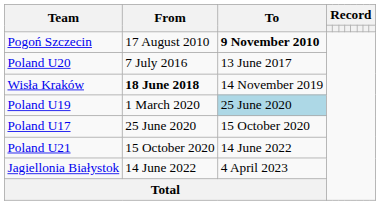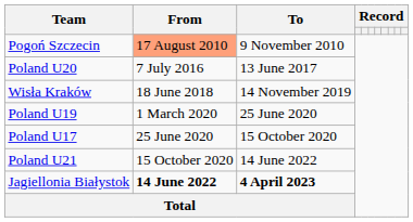 <table class="wikitable" style="text-align: center;">
 <tr>
 <th rowspan="2">Team</th>
 <th rowspan="2">From</th>
 <th rowspan="2">To</th>
 <th colspan="8">Record</th>
 </tr>
 <tr>
 <th></th>
 <th></th>
 <th></th>
 <th></th>
 <th></th>
 <th></th>
 <th></th>
 <th></th>
 </tr>
 <tr>
 <td align=left><a href='#'>Pogoń Szczecin</a></td>
-<td align=left>17 August 2010</td>
-<td align=left><strong>9 November 2010<br></strong></td>
+<td align=left style="background: lightsalmon;">17 August 2010</td>
+<td align=left>9 November 2010<br></td>
 </tr>
 <tr>
 <td align=left><a href='#'>Poland U20</a></td>
 <td align=left>7 July 2016</td>
 <td align=left>13 June 2017<br></td>
 </tr>
 <tr>
 <td align=left><a href='#'>Wisła Kraków</a></td>
-<td align=left><strong>18 June 2018</strong></td>
+<td align=left>18 June 2018</td>
 <td align=left>14 November 2019<br></td>
 </tr>
 <tr>
 <td align=left><a href='#'>Poland U19</a></td>
 <td align=left>1 March 2020</td>
-<td align=left style="background: lightblue;">25 June 2020<br></td>
+<td align=left>25 June 2020<br></td>
 </tr>
 <tr>
 <td align=left><a href='#'>Poland U17</a></td>
 <td align=left>25 June 2020</td>
 <td align=left>15 October 2020<br></td>
 </tr>
 <tr>
 <td align=left><a href='#'>Poland U21</a></td>
 <td align=left>15 October 2020</td>
 <td align=left>14 June 2022<br></td>
 </tr>
 <tr>
 <td align=left><a href='#'>Jagiellonia Białystok</a></td>
-<td align=left>14 June 2022</td>
-<td align=left>4 April 2023<br></td>
+<td align=left><strong>14 June 2022</strong></td>
+<td align=left><strong>4 April 2023<br></strong></td>
 </tr>
 <tr>
 <th colspan="3">Total<br></th>
 </tr>
 </table>
